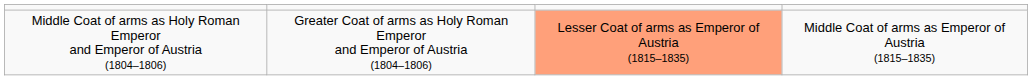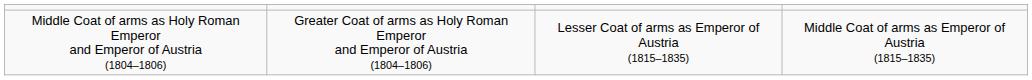 <table class="wikitable" style="margin:1em auto; text-align:center;">
 <tr>
 <td></td>
 <td></td>
 <td></td>
 <td></td>
 </tr>
 <tr>
 <td>Middle Coat of arms as Holy Roman Emperor<br> and Emperor of Austria<br><small>(1804–1806)</small></td>
 <td>Greater Coat of arms as Holy Roman Emperor<br> and Emperor of Austria<br><small>(1804–1806)</small></td>
-<td style="background: lightsalmon;">Lesser Coat of arms as Emperor of Austria<br><small>(1815–1835)</small></td>
+<td>Lesser Coat of arms as Emperor of Austria<br><small>(1815–1835)</small></td>
 <td>Middle Coat of arms as Emperor of Austria<br><small>(1815–1835)</small></td>
 </tr>
 </table>
